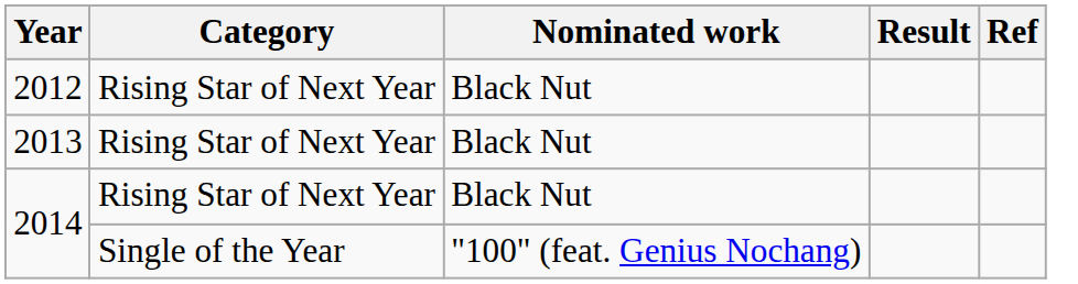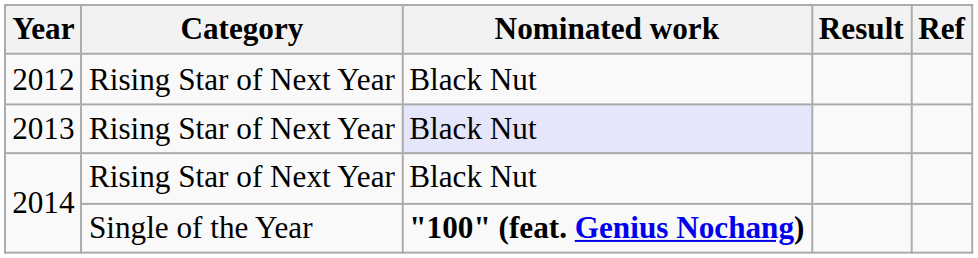 <table class="wikitable">
 <tr>
 <th>Year</th>
 <th>Category</th>
 <th>Nominated work</th>
 <th>Result</th>
 <th>Ref</th>
 </tr>
 <tr>
 <td>2012</td>
 <td>Rising Star of Next Year</td>
 <td>Black Nut</td>
 <td></td>
 <td></td>
 </tr>
 <tr>
 <td>2013</td>
 <td>Rising Star of Next Year</td>
-<td>Black Nut</td>
+<td style="background: lavender;">Black Nut</td>
 <td></td>
 <td></td>
 </tr>
 <tr>
 <td rowspan="2">2014</td>
 <td>Rising Star of Next Year</td>
 <td>Black Nut</td>
 <td></td>
 <td></td>
 </tr>
 <tr>
 <td>Single of the Year</td>
-<td>"100" (feat. <a href='#'>Genius Nochang</a>)</td>
+<td><strong>"100" (feat. <a href='#'>Genius Nochang</a>)</strong></td>
 <td></td>
 <td></td>
 </tr>
 </table>
